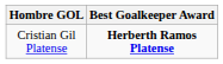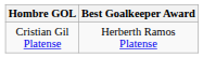 <table class="wikitable" style="margin: 0 auto;">
 <tr>
 <th>Hombre GOL</th>
 <th>Best Goalkeeper Award</th>
 </tr>
 <tr>
 <td align=center> Cristian Gil <br> <a href='#'>Platense</a></td>
-<td align=center><strong> Herberth Ramos <br> <a href='#'>Platense</a></strong></td>
+<td align=center> Herberth Ramos <br> <a href='#'>Platense</a></td>
 </tr>
 </table>
